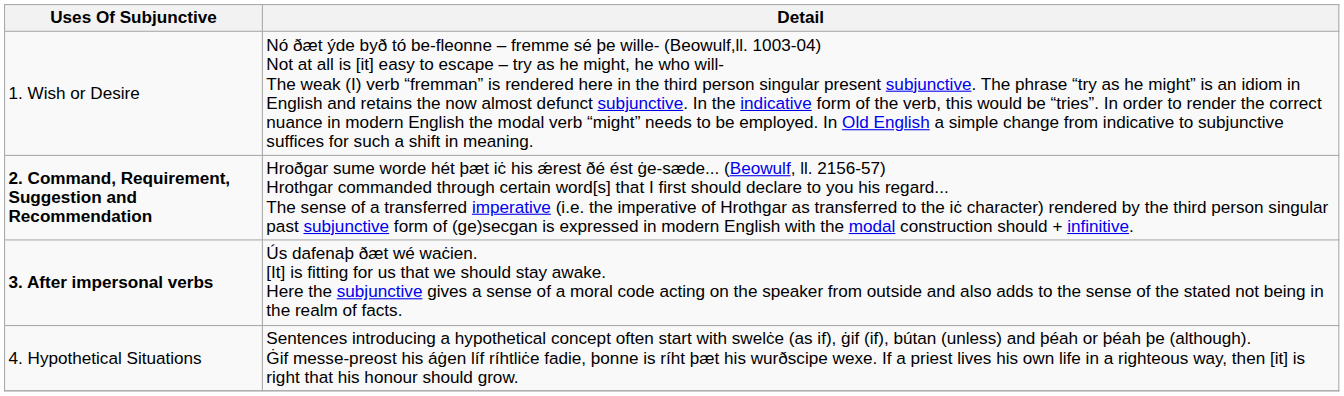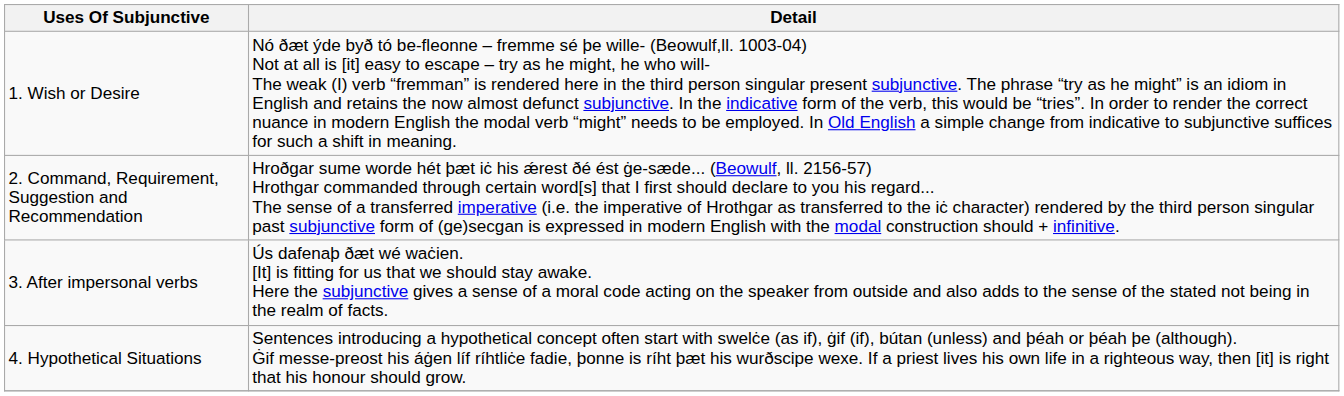 <table class="wikitable">
 <tr>
 <th>Uses Of Subjunctive</th>
 <th>Detail</th>
 </tr>
 <tr>
 <td>1.	Wish or Desire</td>
 <td>Nó ðæt ýde byð tó be-fleonne – fremme sé þe wille- (Beowulf,ll. 1003-04)<br>Not at all is [it] easy to escape – try as he might, he who will-<br>The weak (I) verb “fremman” is rendered here in the third person singular present <a href='#'>subjunctive</a>. The phrase “try as he might” is an idiom in English and retains the now almost defunct <a href='#'>subjunctive</a>. In the <a href='#'>indicative</a> form of the verb, this would be “tries”. In order to render the correct nuance in modern English the modal verb “might” needs to be employed. In <a href='#'>Old English</a> a simple change from indicative to subjunctive suffices for such a shift in meaning.</td>
 </tr>
 <tr>
-<td><strong>2.	Command, Requirement, Suggestion and Recommendation</strong></td>
+<td>2.	Command, Requirement, Suggestion and Recommendation</td>
 <td>Hroðgar sume worde hét þæt iċ his ǽrest ðé ést ġe-sæde... (<a href='#'>Beowulf</a>, ll. 2156-57)<br>Hrothgar commanded through certain word[s] that I first should declare to you his regard...<br>The sense of a transferred <a href='#'>imperative</a> (i.e. the imperative of Hrothgar as transferred to the iċ character) rendered by the third person singular past <a href='#'>subjunctive</a> form of (ge)secgan is expressed in modern English with the <a href='#'>modal</a> construction should + <a href='#'>infinitive</a>.</td>
 </tr>
 <tr>
-<td><strong>3.	After impersonal verbs</strong></td>
+<td>3.	After impersonal verbs</td>
 <td>Ús dafenaþ ðæt wé waċien.<br>[It] is fitting for us that we should stay awake.<br>Here the <a href='#'>subjunctive</a> gives a sense of a moral code acting on the speaker from outside and also adds to the sense of the stated not being in the realm of facts.</td>
 </tr>
 <tr>
 <td>4.	Hypothetical Situations</td>
 <td>Sentences introducing a hypothetical concept often start with swelċe (as if), ġif (if), bútan (unless) and þéah or þéah þe (although).<br>Ġif messe-preost his áġen líf ríhtliċe fadie, þonne is ríht þæt his wurðscipe wexe. If a priest lives his own life in a righteous way, then [it] is right that his honour should grow.</td>
 </tr>
 <tr>
 </tr>
 </table>
